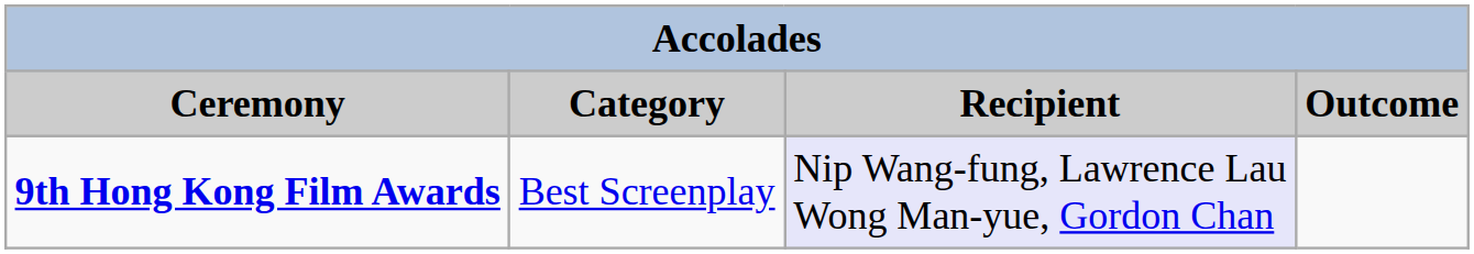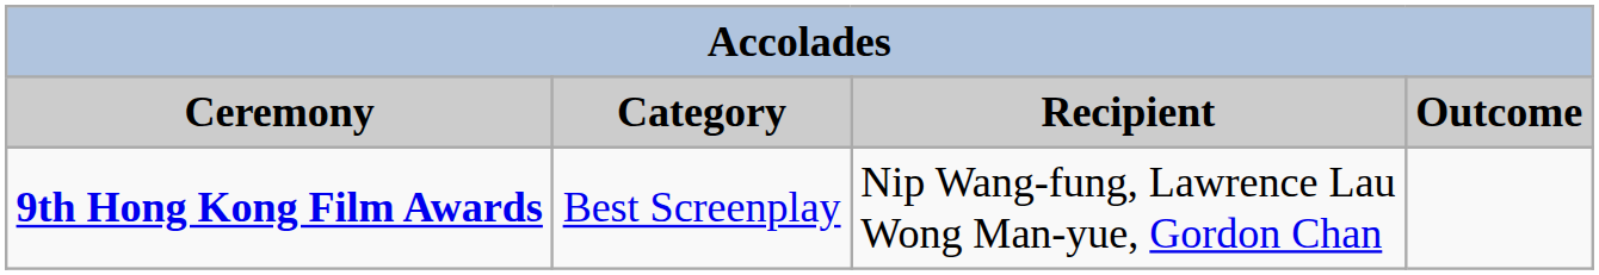 <table class="wikitable" style="font-size:95%;" ;>
 <tr style="background:#ccc; text-align:center;">
 <th colspan="4" style="background: LightSteelBlue;">Accolades</th>
 </tr>
 <tr style="background:#ccc; text-align:center;">
 <th style="background:#ccc">Ceremony</th>
 <th style="background:#ccc">Category</th>
 <th style="background:#ccc">Recipient</th>
 <th style="background:#ccc">Outcome</th>
 </tr>
 <tr>
 <td><strong><a href='#'>9th Hong Kong Film Awards</a></strong></td>
 <td><a href='#'>Best Screenplay</a></td>
-<td style="background: lavender;">Nip Wang-fung, Lawrence Lau<br>Wong Man-yue, <a href='#'>Gordon Chan</a></td>
+<td>Nip Wang-fung, Lawrence Lau<br>Wong Man-yue, <a href='#'>Gordon Chan</a></td>
 <td></td>
 </tr>
 </table>
